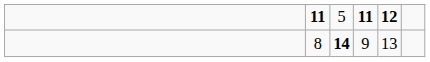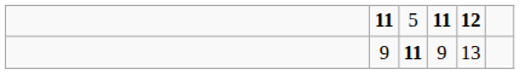 <table class="wikitable">
 <tr>
 <td style="width:18em"></td>
 <td align=center style="width:1em"><strong>11</strong></td>
 <td align=center style="width:1em">5</td>
 <td align=center style="width:1em"><strong>11</strong></td>
 <td align=center style="width:1em"><strong>12</strong></td>
 <td align=center style="width:1em"></td>
 </tr>
 <tr>
 <td style="width:18em"></td>
-<td align=center style="width:1em">8</td>
-<td align=center style="width:1em"><strong>14</strong></td>
+<td align=center style="width:1em">9</td>
+<td align=center style="width:1em"><strong>11</strong></td>
 <td align=center style="width:1em">9</td>
 <td align=center style="width:1em">13</td>
 <td align=center style="width:1em"></td>
 </tr>
 </table>
